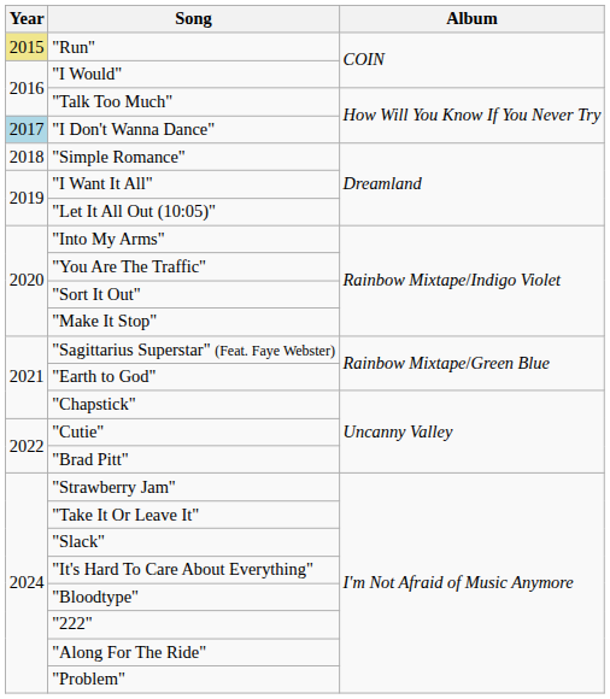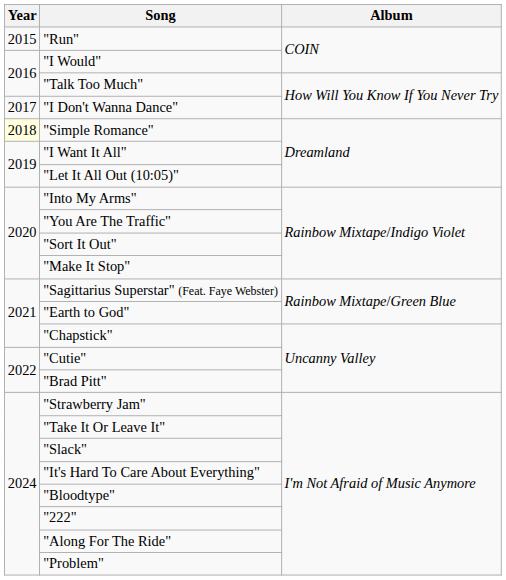 <table class="wikitable">
 <tr>
 <th>Year</th>
 <th>Song</th>
 <th>Album</th>
 </tr>
 <tr>
-<td style="background: khaki;">2015</td>
+<td>2015</td>
 <td>"Run" </td>
 <td rowspan="2"><em>COIN</em></td>
 </tr>
 <tr>
 <td rowspan="2">2016</td>
 <td>"I Would" </td>
 </tr>
 <tr>
 <td>"Talk Too Much" </td>
 <td rowspan="2"><em>How Will You Know If You Never Try</em></td>
 </tr>
 <tr>
-<td style="background: lightblue;">2017</td>
+<td>2017</td>
 <td>"I Don't Wanna Dance" </td>
 </tr>
 <tr>
-<td>2018</td>
+<td style="background: lightyellow;">2018</td>
 <td>"Simple Romance" </td>
 <td rowspan="3"><em>Dreamland</em></td>
 </tr>
 <tr>
 <td rowspan="2">2019</td>
 <td>"I Want It All"</td>
 </tr>
 <tr>
 <td>"Let It All Out (10:05)"</td>
 </tr>
 <tr>
 <td rowspan="4">2020</td>
 <td>"Into My Arms"</td>
 <td rowspan="4"><em>Rainbow Mixtape</em>/<em>Indigo Violet</em></td>
 </tr>
 <tr>
 <td>"You Are The Traffic"</td>
 </tr>
 <tr>
 <td>"Sort It Out"</td>
 </tr>
 <tr>
 <td>"Make It Stop"</td>
 </tr>
 <tr>
 <td rowspan="3">2021</td>
 <td>"Sagittarius Superstar" <small>(Feat. Faye Webster)</small></td>
 <td rowspan="2"><em>Rainbow Mixtape</em>/<em>Green Blue</em></td>
 </tr>
 <tr>
 <td>"Earth to God"</td>
 </tr>
 <tr>
 <td>"Chapstick"</td>
 <td rowspan="3"><em>Uncanny Valley</em></td>
 </tr>
 <tr>
 <td rowspan="2">2022</td>
 <td>"Cutie"</td>
 </tr>
 <tr>
 <td>"Brad Pitt"</td>
 </tr>
 <tr>
 <td rowspan="8">2024</td>
 <td>"Strawberry Jam"</td>
 <td rowspan="8"><em>I'm Not Afraid of Music Anymore </em></td>
 </tr>
 <tr>
 <td>"Take It Or Leave It"</td>
 </tr>
 <tr>
 <td>"Slack"</td>
 </tr>
 <tr>
 <td>"It's Hard To Care About Everything"</td>
 </tr>
 <tr>
 <td>"Bloodtype"</td>
 </tr>
 <tr>
 <td>"222"</td>
 </tr>
 <tr>
 <td>"Along For The Ride"</td>
 </tr>
 <tr>
 <td>"Problem"</td>
 </tr>
 </table>
